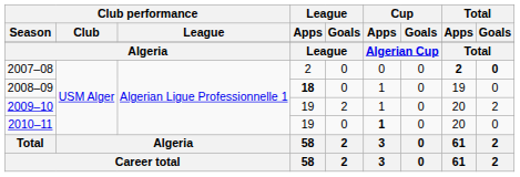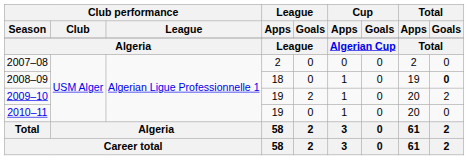 <table class="wikitable" style="text-align:center">
 <tr>
 <th colspan=3>Club performance</th>
 <th colspan=2>League</th>
 <th colspan=2>Cup</th>
 <th colspan=2>Total</th>
 </tr>
 <tr>
 <th>Season</th>
 <th>Club</th>
 <th>League</th>
 <th>Apps</th>
 <th>Goals</th>
 <th>Apps</th>
 <th>Goals</th>
 <th>Apps</th>
 <th>Goals</th>
 </tr>
 <tr>
 </tr>
 <tr>
 <th colspan=3>Algeria</th>
 <th colspan=2>League</th>
 <th colspan=2><a href='#'>Algerian Cup</a></th>
 <th colspan=2>Total</th>
 </tr>
 <tr>
 <td>2007–08</td>
 <td rowspan="4"><a href='#'>USM Alger</a></td>
 <td rowspan="4"><a href='#'>Algerian Ligue Professionnelle 1</a></td>
 <td>2</td>
 <td>0</td>
 <td>0</td>
 <td>0</td>
-<td><strong>2</strong></td>
-<td><strong>0</strong></td>
+<td>2</td>
+<td>0</td>
 </tr>
 <tr>
 <td>2008–09</td>
-<td><strong>18</strong></td>
+<td>18</td>
 <td>0</td>
 <td>1</td>
 <td>0</td>
 <td>19</td>
-<td>0</td>
+<td><strong>0</strong></td>
 </tr>
 <tr>
 <td><a href='#'>2009–10</a></td>
 <td>19</td>
 <td>2</td>
 <td>1</td>
 <td>0</td>
 <td>20</td>
 <td>2</td>
 </tr>
 <tr>
 <td><a href='#'>2010–11</a></td>
 <td>19</td>
 <td>0</td>
-<td><strong>1</strong></td>
+<td>1</td>
 <td>0</td>
 <td>20</td>
 <td>0</td>
 </tr>
 <tr>
 <th rowspan=1>Total</th>
 <th colspan=2>Algeria</th>
 <th>58</th>
 <th>2</th>
 <th>3</th>
 <th>0</th>
 <th>61</th>
 <th>2</th>
 </tr>
 <tr>
 <th colspan=3>Career total</th>
 <th>58</th>
 <th>2</th>
 <th>3</th>
 <th>0</th>
 <th>61</th>
 <th>2</th>
 </tr>
 </table>
